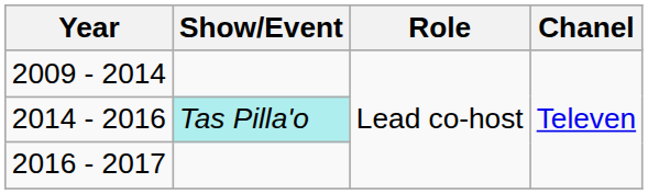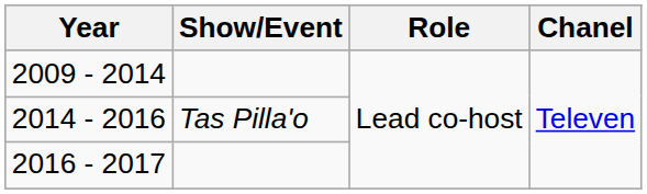 <table class="wikitable">
 <tr>
 <th>Year</th>
 <th>Show/Event</th>
 <th>Role</th>
 <th>Chanel</th>
 </tr>
 <tr>
 <td rowspan="1">2009 - 2014</td>
 <td><em></em></td>
 <td rowspan="3">Lead co-host</td>
 <td rowspan="3"><a href='#'>Televen</a></td>
 </tr>
 <tr>
 <td>2014 - 2016</td>
-<td style="background: paleturquoise;"><em>Tas Pilla'o</em></td>
+<td><em>Tas Pilla'o</em></td>
 </tr>
 <tr>
 <td>2016 - 2017</td>
 <td><em></em></td>
 </tr>
 </table>
